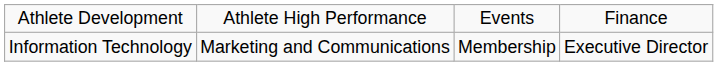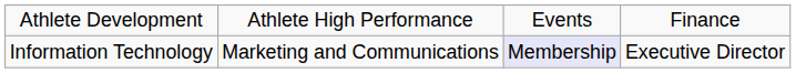 <table class="wikitable" style="text-align: center;">
 <tr>
 <td>Athlete Development</td>
 <td>Athlete High Performance</td>
 <td>Events</td>
 <td>Finance</td>
 </tr>
 <tr>
 <td>Information Technology</td>
 <td>Marketing and Communications</td>
-<td>Membership</td>
+<td style="background: lavender;">Membership</td>
 <td>Executive Director</td>
 </tr>
 </table>
